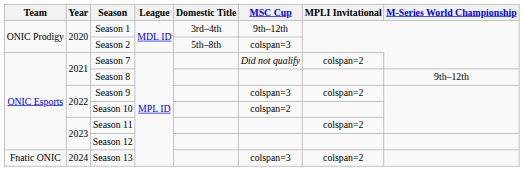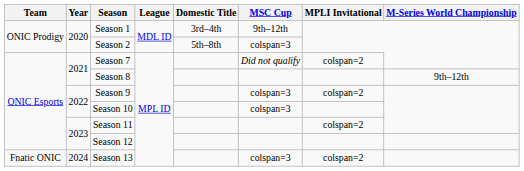 <table class="wikitable" style="font-size:90%; text-align:center;">
 <tr>
 <th>Team</th>
 <th>Year</th>
 <th>Season</th>
 <th>League</th>
 <th>Domestic Title</th>
 <th><a href='#'>MSC Cup</a></th>
 <th>MPLI Invitational</th>
 <th><a href='#'>M-Series World Championship</a></th>
 </tr>
 <tr>
 <td rowspan=2>ONIC Prodigy</td>
 <td rowspan=2>2020</td>
 <td>Season 1</td>
 <td rowspan=2><a href='#'>MDL ID</a></td>
 <td>3rd–4th</td>
 <td>9th–12th</td>
 </tr>
 <tr>
 <td>Season 2</td>
 <td>5th–8th</td>
 <td>colspan=3 </td>
 </tr>
 <tr>
 <td rowspan=6><a href='#'>ONIC Esports</a></td>
 <td rowspan=2>2021</td>
 <td>Season 7</td>
 <td rowspan=7><a href='#'>MPL ID</a></td>
 <td></td>
 <td><em>Did not qualify</em></td>
 <td>colspan=2 </td>
 </tr>
 <tr>
 <td>Season 8</td>
 <td></td>
 <td></td>
 <td></td>
 <td>9th–12th</td>
 </tr>
 <tr>
 <td rowspan=2>2022</td>
 <td>Season 9</td>
 <td></td>
 <td>colspan=3 </td>
 <td>colspan=2 </td>
 </tr>
 <tr>
 <td>Season 10</td>
 <td></td>
-<td>colspan=2 </td>
+<td>colspan=3 </td>
 <td></td>
 </tr>
 <tr>
 <td rowspan=2>2023</td>
 <td>Season 11</td>
 <td></td>
 <td></td>
 <td>colspan=2 </td>
 </tr>
 <tr>
 <td>Season 12</td>
 <td></td>
 <td></td>
 <td></td>
 <td></td>
 </tr>
 <tr>
 <td>Fnatic ONIC</td>
 <td>2024</td>
 <td>Season 13</td>
 <td></td>
 <td>colspan=3 </td>
 <td>colspan=2 </td>
 </tr>
 </table>
